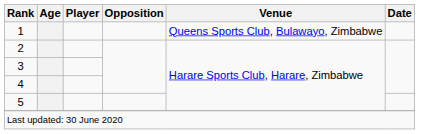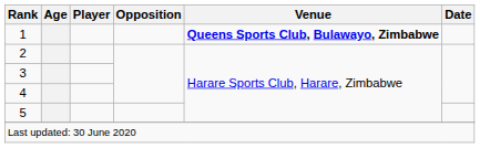 <table class="wikitable plainrowheaders sortable">
 <tr>
 <th scope=col>Rank</th>
 <th scope=col>Age</th>
 <th scope=col>Player</th>
 <th scope=col>Opposition</th>
 <th scope=col>Venue</th>
 <th scope=col>Date</th>
 </tr>
 <tr>
 <td align=center>1</td>
 <th scope=row style=text-align:center;></th>
 <td></td>
 <td></td>
-<td><a href='#'>Queens Sports Club</a>, <a href='#'>Bulawayo</a>, Zimbabwe</td>
+<td><strong><a href='#'>Queens Sports Club</a>, <a href='#'>Bulawayo</a>, Zimbabwe</strong></td>
 <td></td>
 </tr>
 <tr>
 <td align=center>2</td>
 <th scope=row style=text-align:center;></th>
 <td></td>
 <td rowspan=3></td>
 <td rowspan=4><a href='#'>Harare Sports Club</a>, <a href='#'>Harare</a>, Zimbabwe</td>
 <td rowspan=3></td>
 </tr>
 <tr>
 <td align=center>3</td>
 <th scope=row style=text-align:center;></th>
 <td></td>
 </tr>
 <tr>
 <td align=center>4</td>
 <th scope=row style=text-align:center;></th>
 <td></td>
 </tr>
 <tr>
 <td align=center>5</td>
 <th scope=row style=text-align:center;></th>
 <td></td>
 <td></td>
 <td></td>
 </tr>
 <tr>
 </tr>
 <tr class=sortbottom>
 <td colspan=7><small>Last updated: 30 June 2020</small></td>
 </tr>
 </table>
